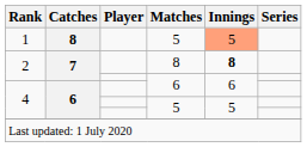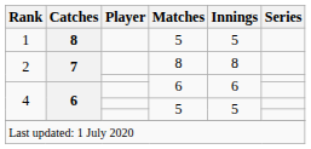 <table class="wikitable plainrowheaders sortable">
 <tr>
 <th scope=col>Rank</th>
 <th scope=col>Catches</th>
 <th scope=col>Player</th>
 <th scope=col>Matches</th>
 <th scope=col>Innings</th>
 <th scope=col>Series</th>
 </tr>
 <tr>
 <td style="text-align:center">1</td>
 <th scope=row style=text-align:center;>8</th>
 <td></td>
 <td style="text-align:center">5</td>
-<td style="background: lightsalmon; text-align:center">5</td>
+<td style="text-align:center">5</td>
 <td></td>
 </tr>
 <tr>
 <td style="text-align:center" rowspan=2>2</td>
 <th scope=row style=text-align:center; rowspan=2>7</th>
 <td></td>
 <td style="text-align:center">8</td>
-<td style="text-align:center"><strong>8</strong></td>
+<td style="text-align:center">8</td>
 <td></td>
 </tr>
 <tr>
 <td></td>
 <td style="text-align:center" rowspan=2>6</td>
 <td style="text-align:center" rowspan=2>6</td>
 <td></td>
 </tr>
 <tr>
 <td style="text-align:center" rowspan=3>4</td>
 <th scope=row style=text-align:center; rowspan=3>6</th>
 <td></td>
 <td></td>
 </tr>
 <tr>
 <td></td>
 <td style="text-align:center" rowspan=2>5</td>
 <td style="text-align:center" rowspan=2>5</td>
 <td></td>
 </tr>
 <tr>
 <td></td>
 <td></td>
 </tr>
 <tr>
 </tr>
 <tr class=sortbottom>
 <td colspan=6><small>Last updated: 1 July 2020</small></td>
 </tr>
 </table>
